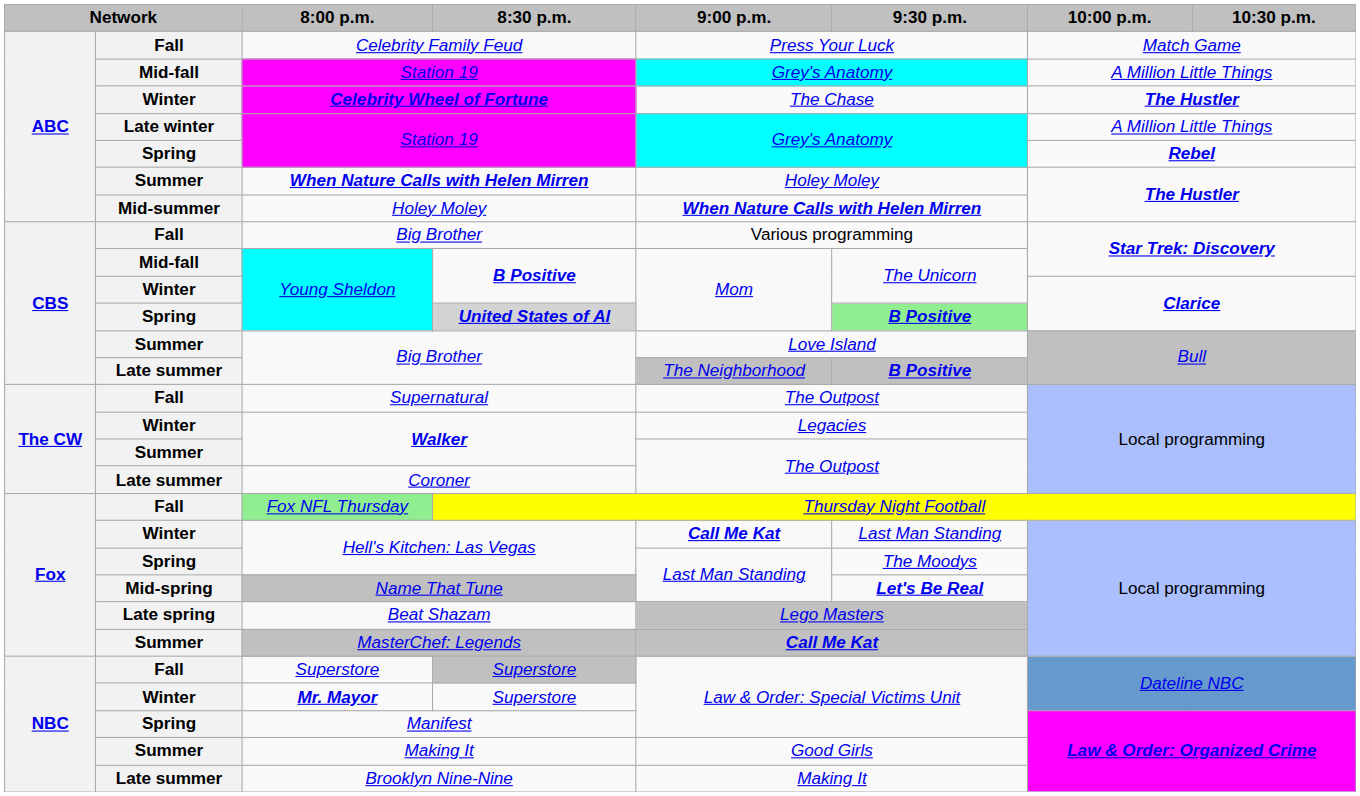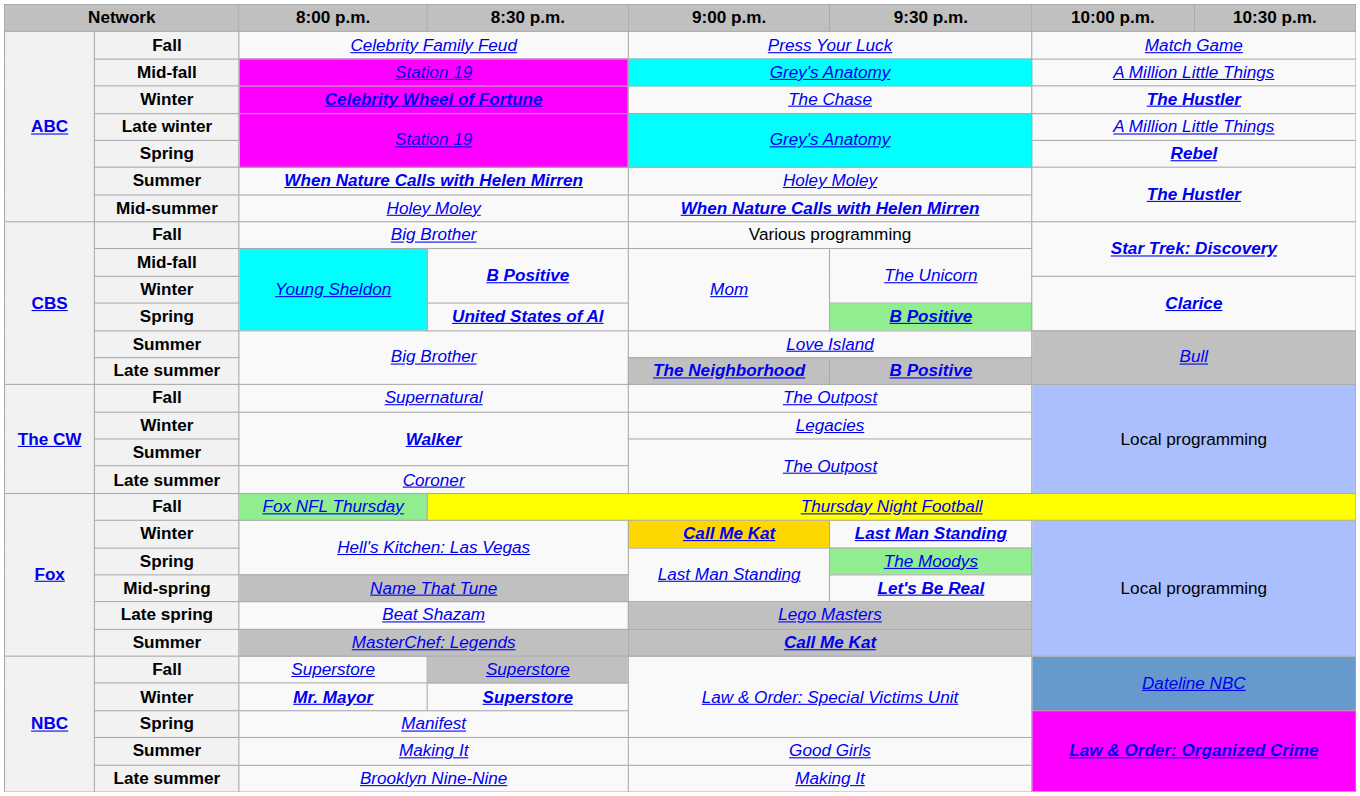 <table class="wikitable" style="width:100%;margin-right:0;text-align:center">
 <tr>
 <th colspan="2" style="background-color:#C0C0C0;text-align:center">Network</th>
 <th style="background-color:#C0C0C0;text-align:center">8:00 p.m.</th>
 <th style="background-color:#C0C0C0;text-align:center">8:30 p.m.</th>
 <th style="background-color:#C0C0C0;text-align:center">9:00 p.m.</th>
 <th style="background-color:#C0C0C0;text-align:center">9:30 p.m.</th>
 <th style="background-color:#C0C0C0;text-align:center">10:00 p.m.</th>
 <th style="background-color:#C0C0C0;text-align:center">10:30 p.m.</th>
 </tr>
 <tr>
 <th rowspan="7"><a href='#'>ABC</a></th>
 <th>Fall</th>
 <td colspan="2"><em><a href='#'>Celebrity Family Feud</a></em></td>
 <td colspan="2"><em><a href='#'>Press Your Luck</a></em></td>
 <td colspan="2"><em><a href='#'>Match Game</a></em></td>
 </tr>
 <tr>
 <th>Mid-fall</th>
 <td colspan="2" style="background:#FF00FF;"><em><a href='#'>Station 19</a></em> </td>
 <td colspan="2" style="background:#00FFFF;"><em><a href='#'>Grey's Anatomy</a></em> </td>
 <td colspan="2"><em><a href='#'>A Million Little Things</a></em></td>
 </tr>
 <tr>
 <th>Winter</th>
 <td colspan="2" style="background:#FF00FF;"><strong><em><a href='#'>Celebrity Wheel of Fortune</a></em></strong> </td>
 <td colspan="2"><em><a href='#'>The Chase</a></em></td>
 <td colspan="2"><strong><em><a href='#'>The Hustler</a></em></strong></td>
 </tr>
 <tr>
 <th>Late winter</th>
 <td rowspan="2" colspan="2" style="background:#FF00FF;"><em><a href='#'>Station 19</a></em> </td>
 <td rowspan="2" colspan="2" style="background:#00FFFF;"><em><a href='#'>Grey's Anatomy</a></em> </td>
 <td colspan="2"><em><a href='#'>A Million Little Things</a></em></td>
 </tr>
 <tr>
 <th>Spring</th>
 <td colspan="2"><strong><em><a href='#'>Rebel</a></em></strong></td>
 </tr>
 <tr>
 <th>Summer</th>
 <td colspan="2"><strong><em><a href='#'>When Nature Calls with Helen Mirren</a></em></strong></td>
 <td colspan="2"><em><a href='#'>Holey Moley</a></em></td>
 <td rowspan="2" colspan="2"><strong><em><a href='#'>The Hustler</a></em></strong></td>
 </tr>
 <tr>
 <th>Mid-summer</th>
 <td colspan="2"><em><a href='#'>Holey Moley</a></em></td>
 <td colspan="2"><strong><em><a href='#'>When Nature Calls with Helen Mirren</a></em></strong></td>
 </tr>
 <tr>
 <th rowspan="6"><a href='#'>CBS</a></th>
 <th>Fall</th>
 <td colspan="2"><em><a href='#'>Big Brother</a></em></td>
 <td colspan="2">Various programming</td>
 <td colspan="2" rowspan="2"><strong><em><a href='#'>Star Trek: Discovery</a></em></strong></td>
 </tr>
 <tr>
 <th>Mid-fall</th>
 <td rowspan="3" style="background:#00FFFF;"><em><a href='#'>Young Sheldon</a></em> </td>
 <td rowspan="2"><strong><em><a href='#'>B Positive</a></em></strong></td>
 <td rowspan="3"><em><a href='#'>Mom</a></em></td>
 <td rowspan="2"><em><a href='#'>The Unicorn</a></em></td>
 </tr>
 <tr>
 <th>Winter</th>
 <td colspan="2" rowspan="2"><strong><em><a href='#'>Clarice</a></em></strong></td>
 </tr>
 <tr>
 <th>Spring</th>
-<td style="background: lightgrey;"><strong><em><a href='#'>United States of Al</a></em></strong></td>
+<td><strong><em><a href='#'>United States of Al</a></em></strong></td>
 <td style="background: lightgreen;"><strong><em><a href='#'>B Positive</a></em></strong></td>
 </tr>
 <tr>
 <th>Summer</th>
 <td colspan="2" rowspan="2"><em><a href='#'>Big Brother</a></em></td>
 <td colspan="2"><em><a href='#'>Love Island</a></em></td>
 <td colspan="2" rowspan="2" style="background:#C0C0C0;"><em><a href='#'>Bull</a></em> </td>
 </tr>
 <tr>
 <th>Late summer</th>
-<td style="background:#C0C0C0;"><em><a href='#'>The Neighborhood</a></em> </td>
+<td style="background:#C0C0C0;"><strong><em><a href='#'>The Neighborhood</a></em> </strong></td>
 <td style="background:#C0C0C0;"><strong><em><a href='#'>B Positive</a></em></strong> </td>
 </tr>
 <tr>
 <th rowspan="4"><a href='#'>The CW</a></th>
 <th>Fall</th>
 <td colspan="2"><em><a href='#'>Supernatural</a></em></td>
 <td colspan="2"><em><a href='#'>The Outpost</a></em></td>
 <td colspan="2" rowspan="4" style="background:#abbfff;">Local programming</td>
 </tr>
 <tr>
 <th>Winter</th>
 <td colspan="2" rowspan="2"><strong><em><a href='#'>Walker</a></em></strong></td>
 <td colspan="2"><em><a href='#'>Legacies</a></em></td>
 </tr>
 <tr>
 <th>Summer</th>
 <td colspan="2" rowspan="2"><em> <a href='#'>The Outpost</a></em></td>
 </tr>
 <tr>
 <th>Late summer</th>
 <td colspan="2"><em><a href='#'>Coroner</a></em></td>
 </tr>
 <tr>
 <th rowspan="6"><a href='#'>Fox</a></th>
 <th>Fall</th>
 <td style="background:lightgreen"><em><a href='#'>Fox NFL Thursday</a></em></td>
 <td colspan="5" style="background:#FFFF00;"><em><a href='#'>Thursday Night Football</a></em>  </td>
 </tr>
 <tr>
 <th>Winter</th>
 <td colspan="2" rowspan="2"><em><a href='#'>Hell's Kitchen: Las Vegas</a></em></td>
-<td><strong><em><a href='#'>Call Me Kat</a></em></strong></td>
-<td><em><a href='#'>Last Man Standing</a></em></td>
+<td style="background: gold;"><strong><em><a href='#'>Call Me Kat</a></em></strong></td>
+<td><strong><em><a href='#'>Last Man Standing</a></em></strong></td>
 <td colspan="2" rowspan="5" style="background:#abbfff;">Local programming</td>
 </tr>
 <tr>
 <th>Spring</th>
 <td rowspan="2"><em><a href='#'>Last Man Standing</a></em></td>
-<td><em><a href='#'>The Moodys</a></em></td>
+<td style="background: lightgreen;"><em><a href='#'>The Moodys</a></em></td>
 </tr>
 <tr>
 <th>Mid-spring</th>
 <td colspan="2" style="background:#C0C0C0;"><em><a href='#'>Name That Tune</a></em> </td>
 <td><strong><em><a href='#'>Let's Be Real</a></em></strong></td>
 </tr>
 <tr>
 <th>Late spring</th>
 <td colspan="2"><em><a href='#'>Beat Shazam</a></em></td>
 <td colspan="2" style="background:#C0C0C0;"><em><a href='#'>Lego Masters</a></em> </td>
 </tr>
 <tr>
 <th>Summer</th>
 <td colspan="2" style="background:#C0C0C0;"><em><a href='#'>MasterChef: Legends</a></em> </td>
 <td colspan="2" style="background:#C0C0C0;"><strong><em><a href='#'>Call Me Kat</a></em></strong> </td>
 </tr>
 <tr>
 <th rowspan="5"><a href='#'>NBC</a></th>
 <th>Fall</th>
 <td><em><a href='#'>Superstore</a></em></td>
 <td style="background:#C0C0C0;"><em><a href='#'>Superstore</a></em> </td>
 <td rowspan="3" colspan="2"><em><a href='#'>Law & Order: Special Victims Unit</a></em></td>
 <td rowspan="2" colspan="2" style="background:#6699CC;"><em><a href='#'>Dateline NBC</a></em></td>
 </tr>
 <tr>
 <th>Winter</th>
 <td><strong><em><a href='#'>Mr. Mayor</a></em></strong></td>
-<td><em><a href='#'>Superstore</a></em></td>
+<td><strong><em><a href='#'>Superstore</a></em></strong></td>
 </tr>
 <tr>
 <th>Spring</th>
 <td colspan="2"><em><a href='#'>Manifest</a></em></td>
 <td colspan="2" rowspan="3" style="background:#FF00FF;"><strong><em><a href='#'>Law & Order: Organized Crime</a></em></strong> </td>
 </tr>
 <tr>
 <th>Summer</th>
 <td colspan="2"><em><a href='#'>Making It</a></em></td>
 <td colspan="2"><em><a href='#'>Good Girls</a></em></td>
 </tr>
 <tr>
 <th>Late summer</th>
 <td colspan="2"><em><a href='#'>Brooklyn Nine-Nine</a></em></td>
 <td colspan="2"><em><a href='#'>Making It</a></em></td>
 </tr>
 </table>
